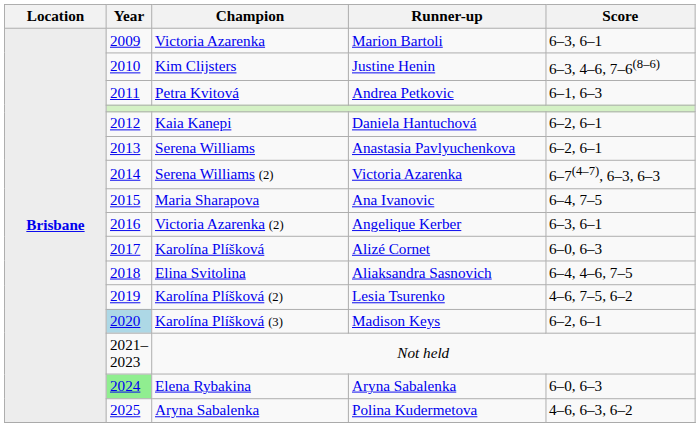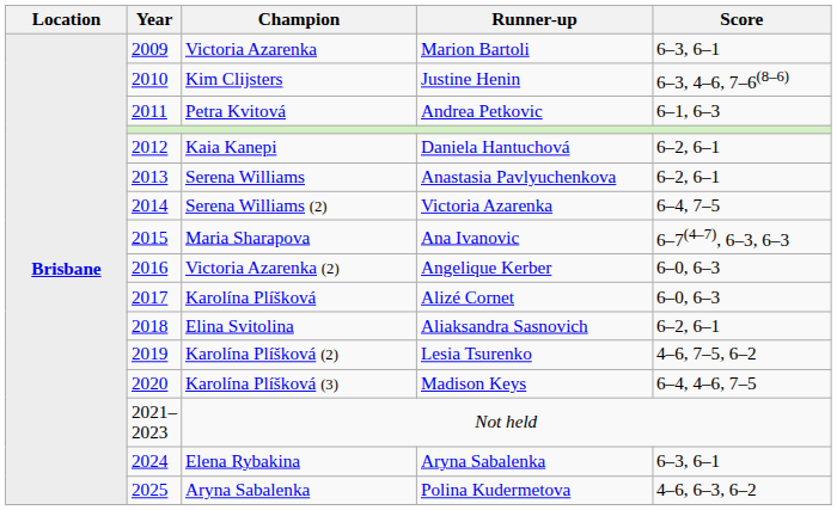 <table class="wikitable">
 <tr>
 <th style="width:100px">Location</th>
 <th style="width:40px">Year</th>
 <th style="width:200px">Champion</th>
 <th style="width:200px">Runner-up</th>
 <th style="width:150px" class="unsortable">Score</th>
 </tr>
 <tr>
 <th rowspan="16" style="background:#ededed"><a href='#'>Brisbane</a></th>
 <td><a href='#'>2009</a></td>
 <td> <a href='#'>Victoria Azarenka</a></td>
 <td> <a href='#'>Marion Bartoli</a></td>
 <td>6–3, 6–1</td>
 </tr>
 <tr>
 <td><a href='#'>2010</a></td>
 <td> <a href='#'>Kim Clijsters</a></td>
 <td> <a href='#'>Justine Henin</a></td>
 <td>6–3, 4–6, 7–6<sup>(8–6)</sup></td>
 </tr>
 <tr>
 <td><a href='#'>2011</a></td>
 <td> <a href='#'>Petra Kvitová</a></td>
 <td> <a href='#'>Andrea Petkovic</a></td>
 <td>6–1, 6–3</td>
 </tr>
 <tr>
 <td colspan="4" style="background:#D4F1C5"></td>
 </tr>
 <tr>
 <td><a href='#'>2012</a></td>
 <td> <a href='#'>Kaia Kanepi</a></td>
 <td> <a href='#'>Daniela Hantuchová</a></td>
 <td>6–2, 6–1</td>
 </tr>
 <tr>
 <td><a href='#'>2013</a></td>
 <td> <a href='#'>Serena Williams</a></td>
 <td> <a href='#'>Anastasia Pavlyuchenkova</a></td>
 <td>6–2, 6–1</td>
 </tr>
 <tr>
 <td><a href='#'>2014</a></td>
 <td> <a href='#'>Serena Williams</a> <small> (2) </small></td>
 <td> <a href='#'>Victoria Azarenka</a></td>
-<td>6–7<sup>(4–7)</sup>, 6–3, 6–3</td>
+<td>6–4, 7–5</td>
 </tr>
 <tr>
 <td><a href='#'>2015</a></td>
 <td> <a href='#'>Maria Sharapova</a></td>
 <td> <a href='#'>Ana Ivanovic</a></td>
-<td>6–4, 7–5</td>
+<td>6–7<sup>(4–7)</sup>, 6–3, 6–3</td>
 </tr>
 <tr>
 <td><a href='#'>2016</a></td>
 <td> <a href='#'>Victoria Azarenka</a> <small> (2) </small></td>
 <td> <a href='#'>Angelique Kerber</a></td>
-<td>6–3, 6–1</td>
+<td>6–0, 6–3</td>
 </tr>
 <tr>
 <td><a href='#'>2017</a></td>
 <td> <a href='#'>Karolína Plíšková</a></td>
 <td> <a href='#'>Alizé Cornet</a></td>
 <td>6–0, 6–3</td>
 </tr>
 <tr>
 <td><a href='#'>2018</a></td>
 <td> <a href='#'>Elina Svitolina</a></td>
 <td> <a href='#'>Aliaksandra Sasnovich</a></td>
-<td>6–4, 4–6, 7–5</td>
+<td>6–2, 6–1</td>
 </tr>
 <tr>
 <td><a href='#'>2019</a></td>
 <td> <a href='#'>Karolína Plíšková</a> <small>(2)</small></td>
 <td> <a href='#'>Lesia Tsurenko</a></td>
 <td>4–6, 7–5, 6–2</td>
 </tr>
 <tr>
-<td style="background: lightblue;"><a href='#'>2020</a></td>
+<td><a href='#'>2020</a></td>
 <td> <a href='#'>Karolína Plíšková</a> <small>(3)</small></td>
 <td> <a href='#'>Madison Keys</a></td>
-<td>6–2, 6–1</td>
+<td>6–4, 4–6, 7–5</td>
 </tr>
 <tr>
 <td>2021–2023</td>
 <td colspan="3" align="center"><em>Not held</em></td>
 </tr>
 <tr>
-<td style="background: lightgreen;"><a href='#'>2024</a></td>
+<td><a href='#'>2024</a></td>
 <td> <a href='#'>Elena Rybakina</a></td>
 <td> <a href='#'>Aryna Sabalenka</a></td>
-<td>6–0, 6–3</td>
+<td>6–3, 6–1</td>
 </tr>
 <tr>
 <td><a href='#'>2025</a></td>
 <td> <a href='#'>Aryna Sabalenka</a></td>
 <td> <a href='#'>Polina Kudermetova</a></td>
 <td>4–6, 6–3, 6–2</td>
 </tr>
 <tr>
 </tr>
 </table>
